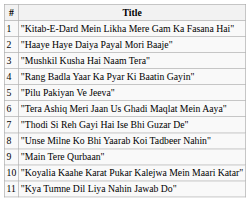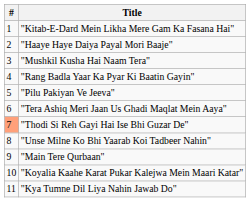 <table class="wikitable" style="font-size:95%;">
 <tr>
 <th>#</th>
 <th>Title</th>
 </tr>
 <tr>
 <td>1</td>
 <td>"Kitab-E-Dard Mein Likha Mere Gam Ka Fasana Hai"</td>
 </tr>
 <tr>
 <td>2</td>
 <td>"Haaye Haye Daiya Payal Mori Baaje"</td>
 </tr>
 <tr>
 <td>3</td>
 <td>"Mushkil Kusha Hai Naam Tera"</td>
 </tr>
 <tr>
 <td>4</td>
 <td>"Rang Badla Yaar Ka Pyar Ki Baatin Gayin"</td>
 </tr>
 <tr>
 <td>5</td>
 <td>"Pilu Pakiyan Ve Jeeva"</td>
 </tr>
 <tr>
 <td>6</td>
 <td>"Tera Ashiq Meri Jaan Us Ghadi Maqlat Mein Aaya"</td>
 </tr>
 <tr>
-<td>7</td>
+<td style="background: lightsalmon;">7</td>
 <td>"Thodi Si Reh Gayi Hai Ise Bhi Guzar De"</td>
 </tr>
 <tr>
 <td>8</td>
 <td>"Unse Milne Ko Bhi Yaarab Koi Tadbeer Nahin"</td>
 </tr>
 <tr>
 <td>9</td>
 <td>"Main Tere Qurbaan"</td>
 </tr>
 <tr>
 <td>10</td>
 <td>"Koyalia Kaahe Karat Pukar Kalejwa Mein Maari Katar"</td>
 </tr>
 <tr>
 <td>11</td>
 <td>"Kya Tumne Dil Liya Nahin Jawab Do"</td>
 </tr>
 </table>
